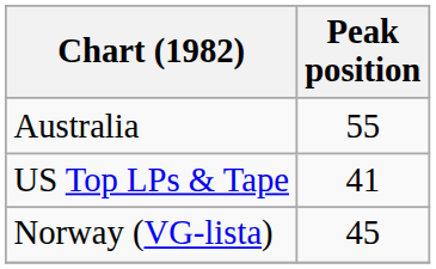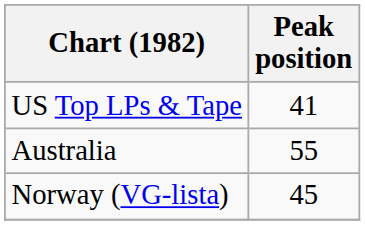 <table class="wikitable sortable">
 <tr>
 <th>Chart (1982)</th>
 <th>Peak<br>position</th>
 </tr>
 <tr>
+<td>US <a href='#'>Top LPs & Tape</a></td>
+<td align="center">41</td>
+</tr>
+<tr>
 <td>Australia</td>
 <td align="center">55</td>
-</tr>
-<tr>
-<td>US <a href='#'>Top LPs & Tape</a></td>
-<td align="center">41</td>
 </tr>
 <tr>
 <td>Norway (<a href='#'>VG-lista</a>)</td>
 <td align="center">45</td>
 </tr>
 <tr>
 </tr>
 </table>
